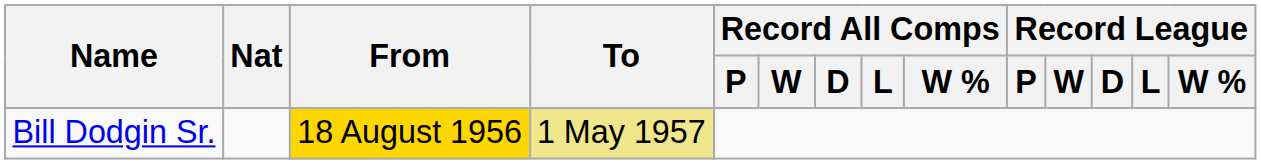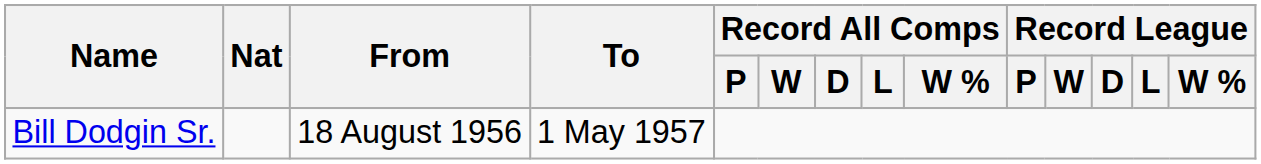 <table style="text-align: center" class="wikitable">
 <tr>
 <th rowspan="2">Name</th>
 <th rowspan="2">Nat</th>
 <th rowspan="2">From</th>
 <th rowspan="2">To</th>
 <th colspan="5">Record All Comps</th>
 <th colspan="5">Record League</th>
 </tr>
 <tr>
 <th>P</th>
 <th>W</th>
 <th>D</th>
 <th>L</th>
 <th>W %</th>
 <th>P</th>
 <th>W</th>
 <th>D</th>
 <th>L</th>
 <th>W %</th>
 </tr>
 <tr>
 <td style="text-align:left;"><a href='#'>Bill Dodgin Sr.</a></td>
 <td></td>
-<td style="background: gold; text-align:left;">18 August 1956</td>
-<td style="background: khaki; text-align:left;">1 May 1957<br> </td>
+<td style="text-align:left;">18 August 1956</td>
+<td style="text-align:left;">1 May 1957<br> </td>
 </tr>
 </table>
